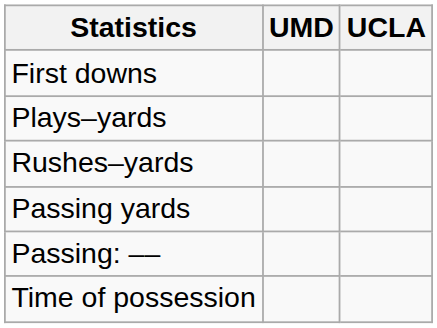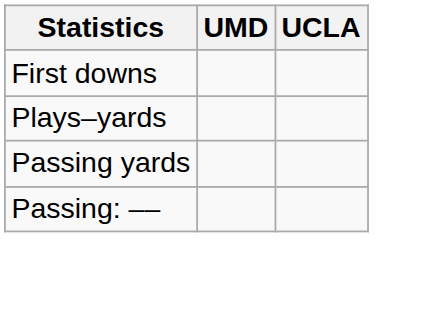 <table class="wikitable" style="float:left">
 <tr>
 <th>Statistics</th>
 <th>UMD</th>
 <th>UCLA</th>
 </tr>
 <tr>
 <td>First downs</td>
 <td></td>
 <td></td>
 </tr>
 <tr>
 <td>Plays–yards</td>
 <td></td>
 <td></td>
 </tr>
 <tr>
-<td>Rushes–yards</td>
-<td></td>
-<td></td>
-</tr>
-<tr>
 <td>Passing yards</td>
 <td></td>
 <td></td>
 </tr>
 <tr>
 <td>Passing: ––</td>
 <td></td>
 <td></td>
 </tr>
-<tr>
-<td>Time of possession</td>
-<td></td>
-<td></td>
-</tr>
 </table>
